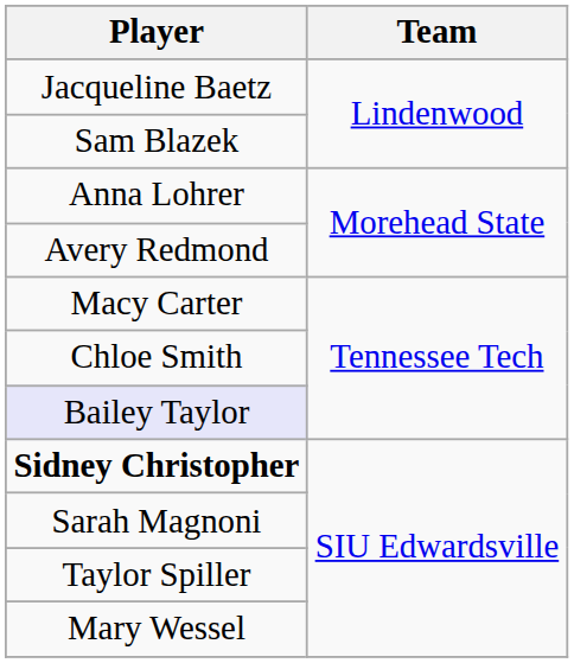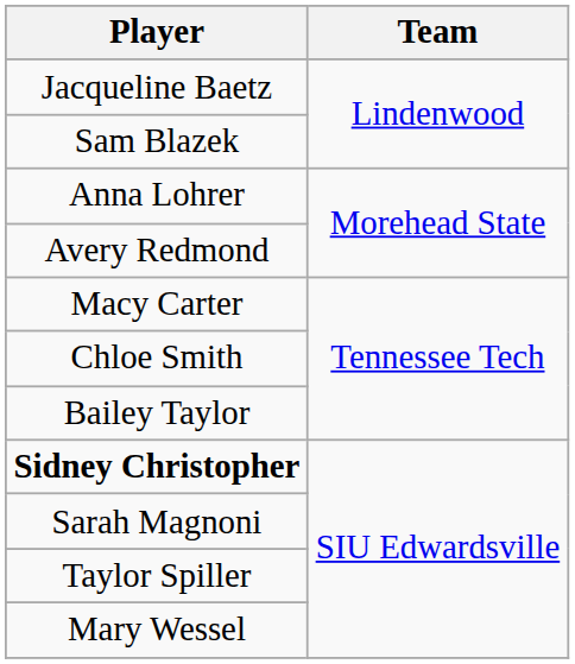 <table class="wikitable" style="text-align: center;">
 <tr>
 <th>Player</th>
 <th>Team</th>
 </tr>
 <tr>
 <td>Jacqueline Baetz</td>
 <td rowspan=2><a href='#'>Lindenwood</a></td>
 </tr>
 <tr>
 <td>Sam Blazek</td>
 </tr>
 <tr>
 <td>Anna Lohrer</td>
 <td rowspan=2><a href='#'>Morehead State</a></td>
 </tr>
 <tr>
 <td>Avery Redmond</td>
 </tr>
 <tr>
 <td>Macy Carter</td>
 <td rowspan=3><a href='#'>Tennessee Tech</a></td>
 </tr>
 <tr>
 <td>Chloe Smith</td>
 </tr>
 <tr>
-<td style="background: lavender;">Bailey Taylor</td>
+<td>Bailey Taylor</td>
 </tr>
 <tr>
 <td><strong>Sidney Christopher</strong></td>
 <td rowspan=4><a href='#'>SIU Edwardsville</a></td>
 </tr>
 <tr>
 <td>Sarah Magnoni</td>
 </tr>
 <tr>
 <td>Taylor Spiller</td>
 </tr>
 <tr>
 <td>Mary Wessel</td>
 </tr>
 </table>
